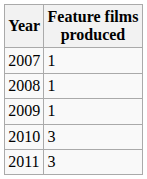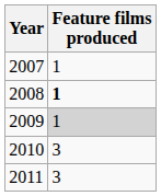 <table class="wikitable" style="float: center; margin-right: 10px;">
 <tr>
 </tr>
 <tr>
 <th>Year</th>
 <th>Feature films<br> produced</th>
 </tr>
 <tr>
 <td>2007</td>
 <td>1</td>
 </tr>
 <tr>
 <td>2008</td>
-<td>1</td>
+<td><strong>1</strong></td>
 </tr>
 <tr>
 <td>2009</td>
-<td>1</td>
+<td style="background: lightgrey;">1</td>
 </tr>
 <tr>
 <td>2010</td>
 <td>3</td>
 </tr>
 <tr>
 <td>2011</td>
 <td>3</td>
 </tr>
 </table>
